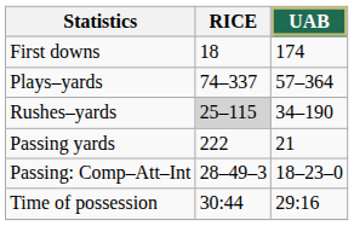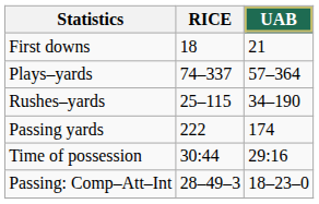 <table class="wikitable" style="float: left;">
 <tr>
 <th>Statistics</th>
 <th>RICE</th>
 <th style="background-color:#1E6B52;color:#FFFFFF;box-shadow: inset 2px 2px 0 #CDC26C, inset -2px -2px 0 #CDC26C">UAB</th>
 </tr>
 <tr>
 <td>First downs</td>
 <td>18</td>
-<td>174</td>
+<td>21</td>
 </tr>
 <tr>
 <td>Plays–yards</td>
 <td>74–337</td>
 <td>57–364</td>
 </tr>
 <tr>
 <td>Rushes–yards</td>
-<td style="background: lightgrey;">25–115</td>
+<td>25–115</td>
 <td>34–190</td>
 </tr>
 <tr>
 <td>Passing yards</td>
 <td>222</td>
-<td>21</td>
+<td>174</td>
+</tr>
+<tr>
+<td>Time of possession</td>
+<td>30:44</td>
+<td>29:16</td>
 </tr>
 <tr>
 <td>Passing: Comp–Att–Int</td>
 <td>28–49–3</td>
 <td>18–23–0</td>
 </tr>
 <tr>
-<td>Time of possession</td>
-<td>30:44</td>
-<td>29:16</td>
-</tr>
-<tr>
 </tr>
 </table>
